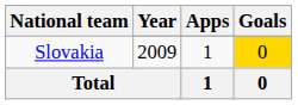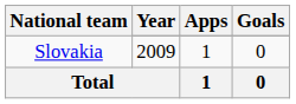 <table class="wikitable" style="text-align:center">
 <tr>
 <th>National team</th>
 <th>Year</th>
 <th>Apps</th>
 <th>Goals</th>
 </tr>
 <tr>
 <td rowspan=2><a href='#'>Slovakia</a></td>
 </tr>
 <tr>
 <td>2009</td>
 <td>1</td>
-<td style="background: gold;">0</td>
+<td>0</td>
 </tr>
 <tr>
 <th colspan="2">Total</th>
 <th>1</th>
 <th>0</th>
 </tr>
 </table>
